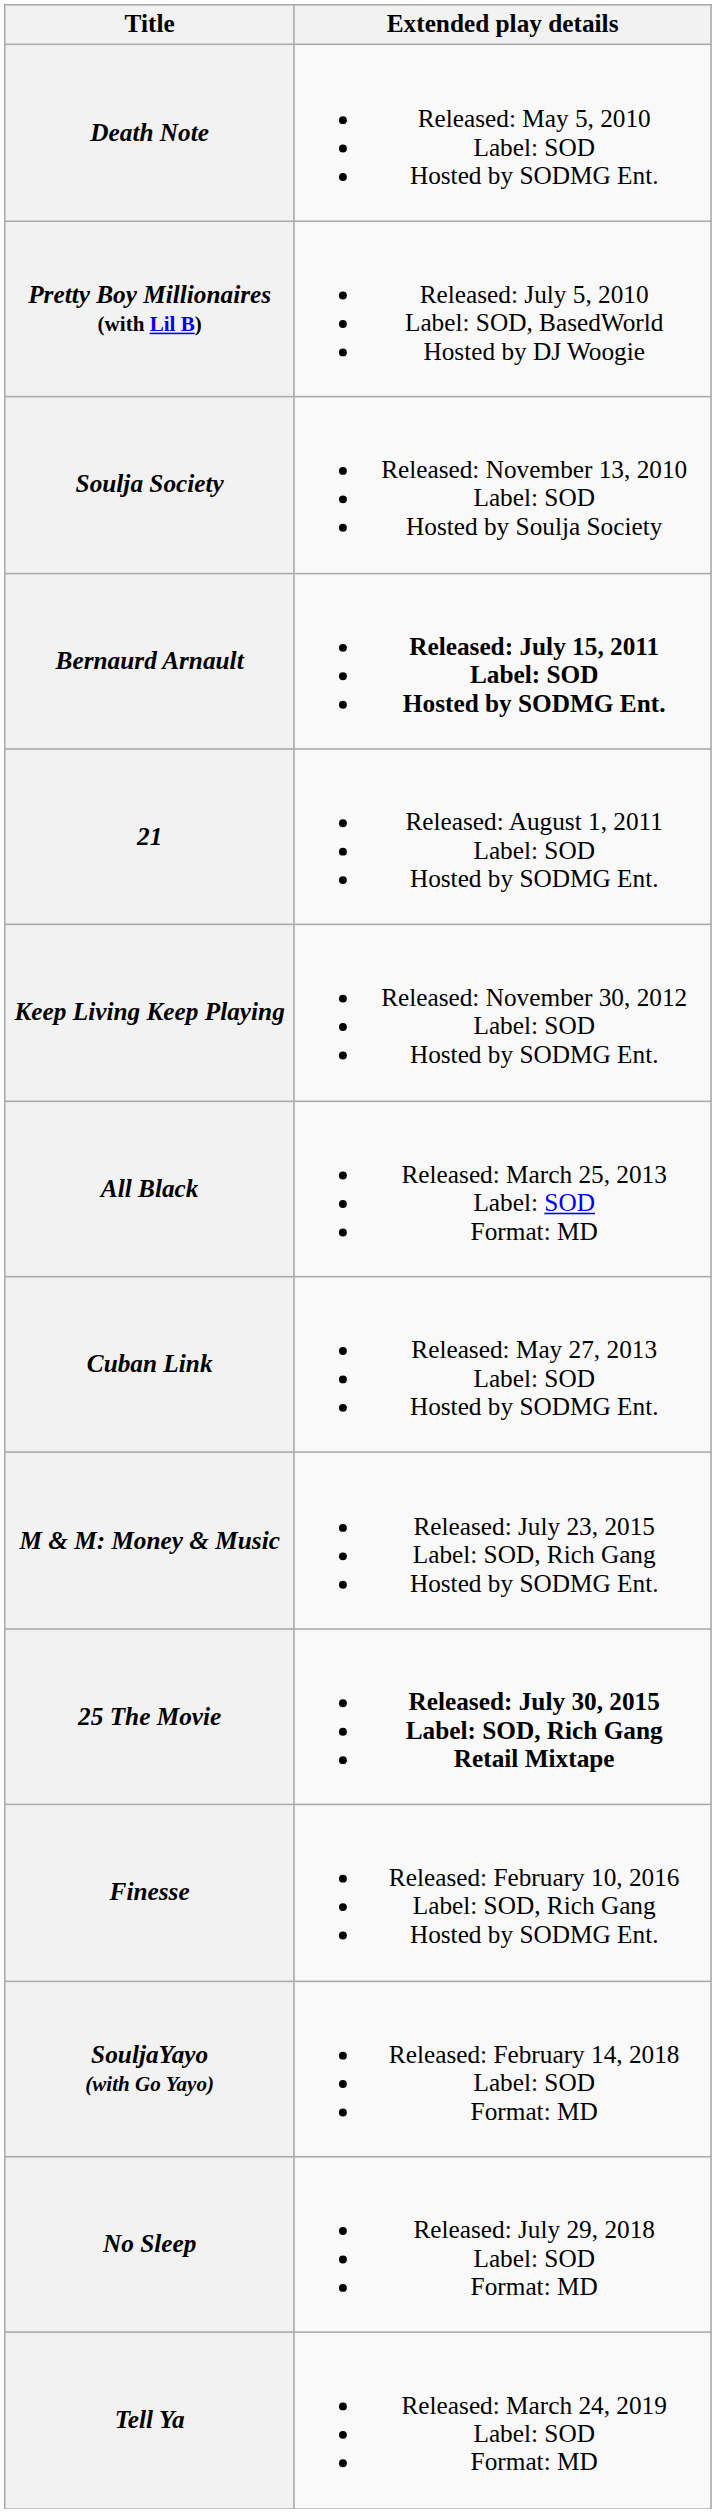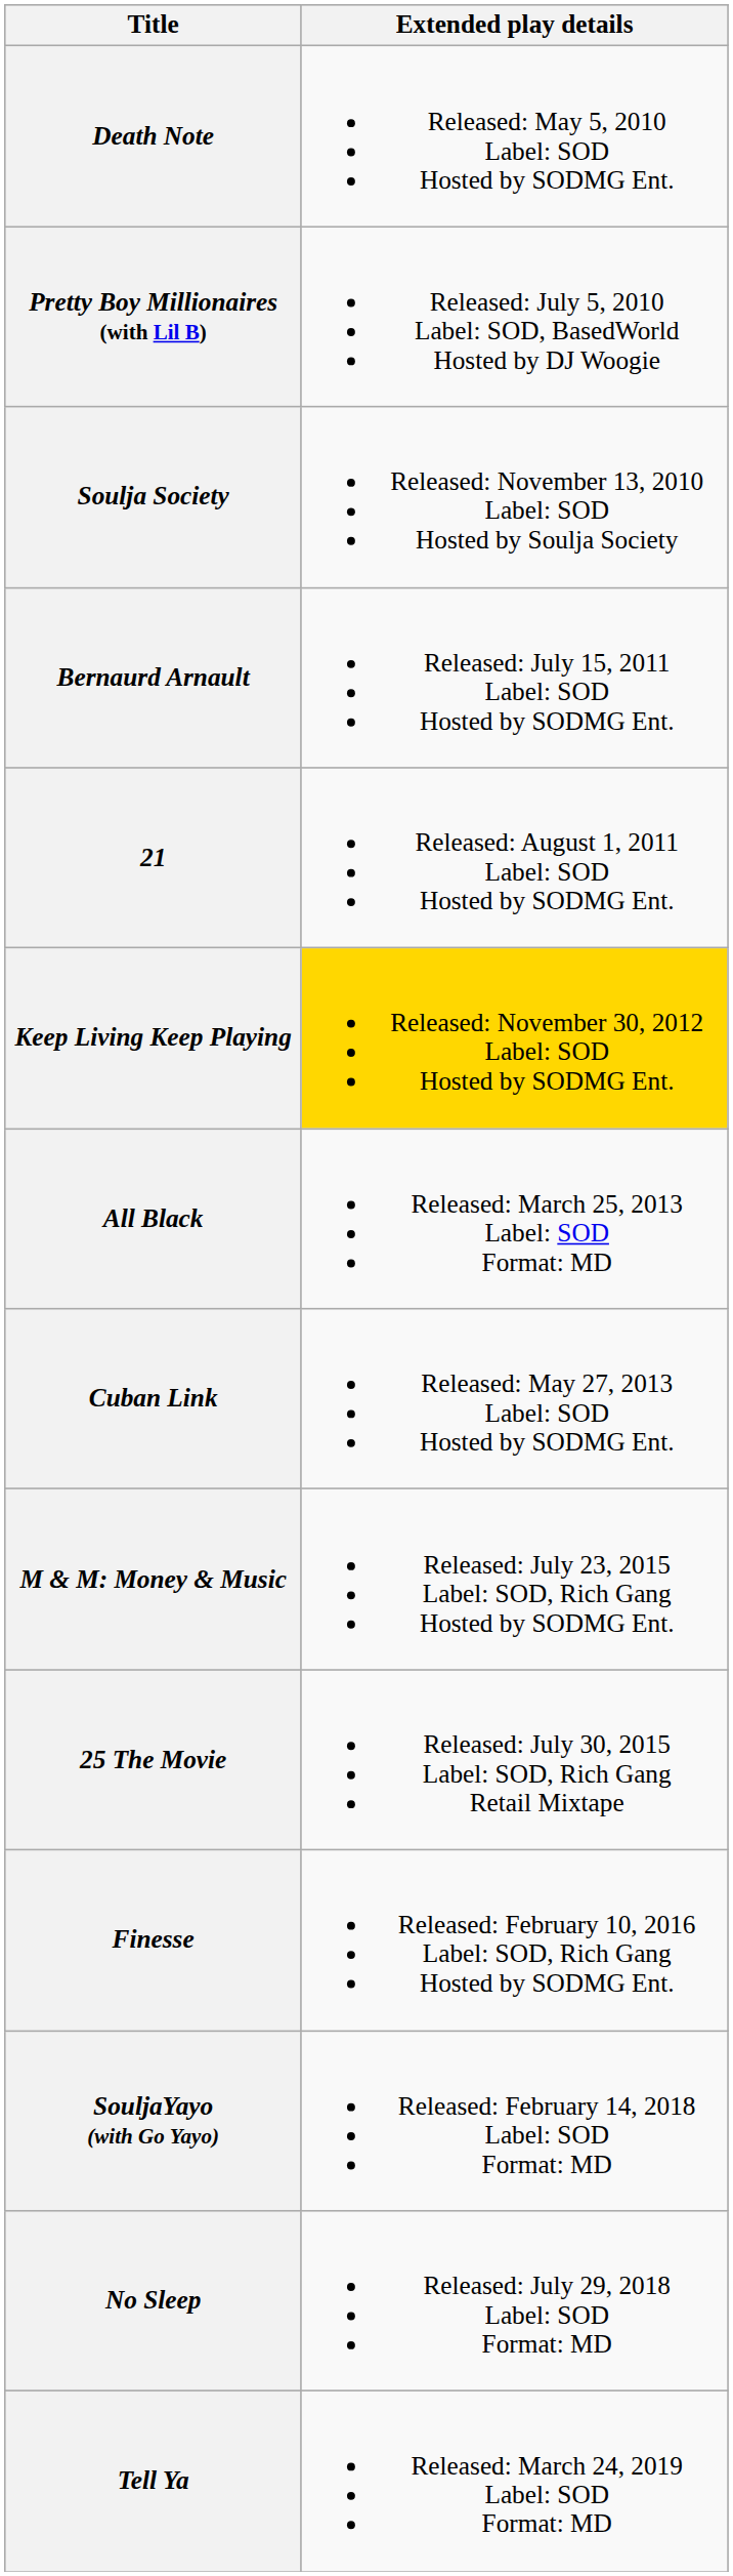 <table class="wikitable plainrowheaders" style="text-align:center;">
 <tr>
 <th scope="col" style="width:11em;">Title</th>
 <th scope="col" style="width:16em;">Extended play details</th>
 </tr>
 <tr>
 <th scope="row"><em>Death Note</em></th>
 <td><br><ul><li>Released: May 5, 2010</li><li>Label: SOD</li><li>Hosted by SODMG Ent.</li></ul></td>
 </tr>
 <tr>
 <th scope="row"><em>Pretty Boy Millionaires</em><br><small>(with <a href='#'>Lil B</a>)</small></th>
 <td><br><ul><li>Released: July 5, 2010</li><li>Label: SOD, BasedWorld</li><li>Hosted by DJ Woogie</li></ul></td>
 </tr>
 <tr>
 <th scope="row"><em>Soulja Society</em></th>
 <td><br><ul><li>Released: November 13, 2010</li><li>Label: SOD</li><li>Hosted by Soulja Society</li></ul></td>
 </tr>
 <tr>
 <th scope="row"><em>Bernaurd Arnault</em></th>
-<td><strong><br><ul><li>Released: July 15, 2011</li><li>Label: SOD</li><li>Hosted by SODMG Ent.</li></ul></strong></td>
+<td><br><ul><li>Released: July 15, 2011</li><li>Label: SOD</li><li>Hosted by SODMG Ent.</li></ul></td>
 </tr>
 <tr>
 <th scope="row"><em>21</em></th>
 <td><br><ul><li>Released: August 1, 2011</li><li>Label: SOD</li><li>Hosted by SODMG Ent.</li></ul></td>
 </tr>
 <tr>
 <th scope="row"><em>Keep Living Keep Playing</em></th>
-<td><br><ul><li>Released: November 30, 2012</li><li>Label: SOD</li><li>Hosted by SODMG Ent.</li></ul></td>
+<td style="background: gold;"><br><ul><li>Released: November 30, 2012</li><li>Label: SOD</li><li>Hosted by SODMG Ent.</li></ul></td>
 </tr>
 <tr>
 <th scope="row"><em>All Black</em></th>
 <td><br><ul><li>Released: March 25, 2013</li><li>Label: <a href='#'>SOD</a></li><li>Format: MD</li></ul></td>
 </tr>
 <tr>
 <th scope="row"><em>Cuban Link</em></th>
 <td><br><ul><li>Released: May 27, 2013</li><li>Label: SOD</li><li>Hosted by SODMG Ent.</li></ul></td>
 </tr>
 <tr>
 <th scope="row"><em>M & M: Money & Music</em></th>
 <td><br><ul><li>Released: July 23, 2015</li><li>Label: SOD, Rich Gang</li><li>Hosted by SODMG Ent.</li></ul></td>
 </tr>
 <tr>
 <th scope="row"><em>25 The Movie</em></th>
-<td><strong><br><ul><li>Released: July 30, 2015</li><li>Label: SOD, Rich Gang</li><li>Retail Mixtape</li></ul></strong></td>
+<td><br><ul><li>Released: July 30, 2015</li><li>Label: SOD, Rich Gang</li><li>Retail Mixtape</li></ul></td>
 </tr>
 <tr>
 <th scope="row"><em>Finesse</em></th>
 <td><br><ul><li>Released: February 10, 2016</li><li>Label: SOD, Rich Gang</li><li>Hosted by SODMG Ent.</li></ul></td>
 </tr>
 <tr>
 <th scope="row"><em>SouljaYayo <br><small>(with Go Yayo)</small></em></th>
 <td><br><ul><li>Released: February 14, 2018</li><li>Label: SOD</li><li>Format: MD</li></ul></td>
 </tr>
 <tr>
 <th scope="row"><em>No Sleep</em></th>
 <td><br><ul><li>Released: July 29, 2018</li><li>Label: SOD</li><li>Format: MD</li></ul></td>
 </tr>
 <tr>
 <th scope="row"><em>Tell Ya</em></th>
 <td><br><ul><li>Released: March 24, 2019</li><li>Label: SOD</li><li>Format: MD</li></ul></td>
 </tr>
 </table>
